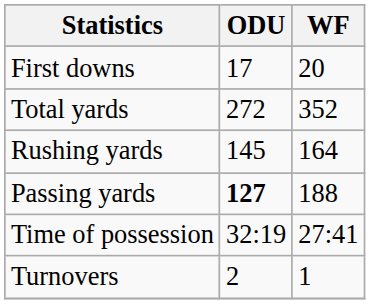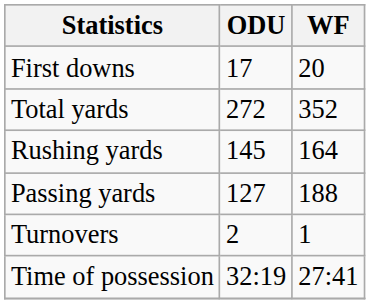 <table class="wikitable">
 <tr>
 <th>Statistics</th>
 <th>ODU</th>
 <th>WF</th>
 </tr>
 <tr>
 <td>First downs</td>
 <td>17</td>
 <td>20</td>
 </tr>
 <tr>
 <td>Total yards</td>
 <td>272</td>
 <td>352</td>
 </tr>
 <tr>
 <td>Rushing yards</td>
 <td>145</td>
 <td>164</td>
 </tr>
 <tr>
 <td>Passing yards</td>
-<td><strong>127</strong></td>
+<td>127</td>
 <td>188</td>
+</tr>
+<tr>
+<td>Turnovers</td>
+<td>2</td>
+<td>1</td>
 </tr>
 <tr>
 <td>Time of possession</td>
 <td>32:19</td>
 <td>27:41</td>
 </tr>
 <tr>
-<td>Turnovers</td>
-<td>2</td>
-<td>1</td>
-</tr>
-<tr>
 </tr>
 </table>
